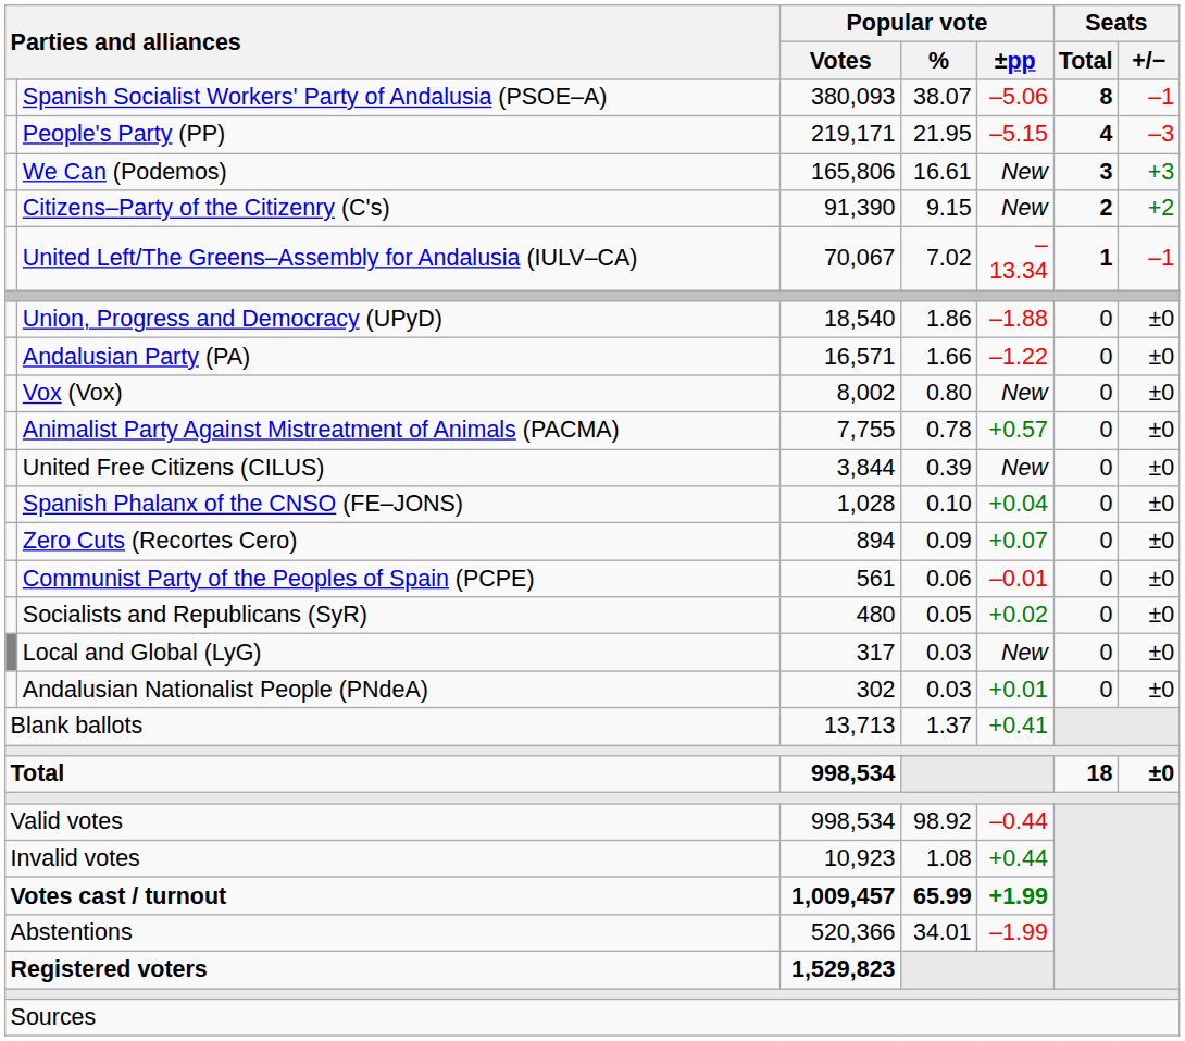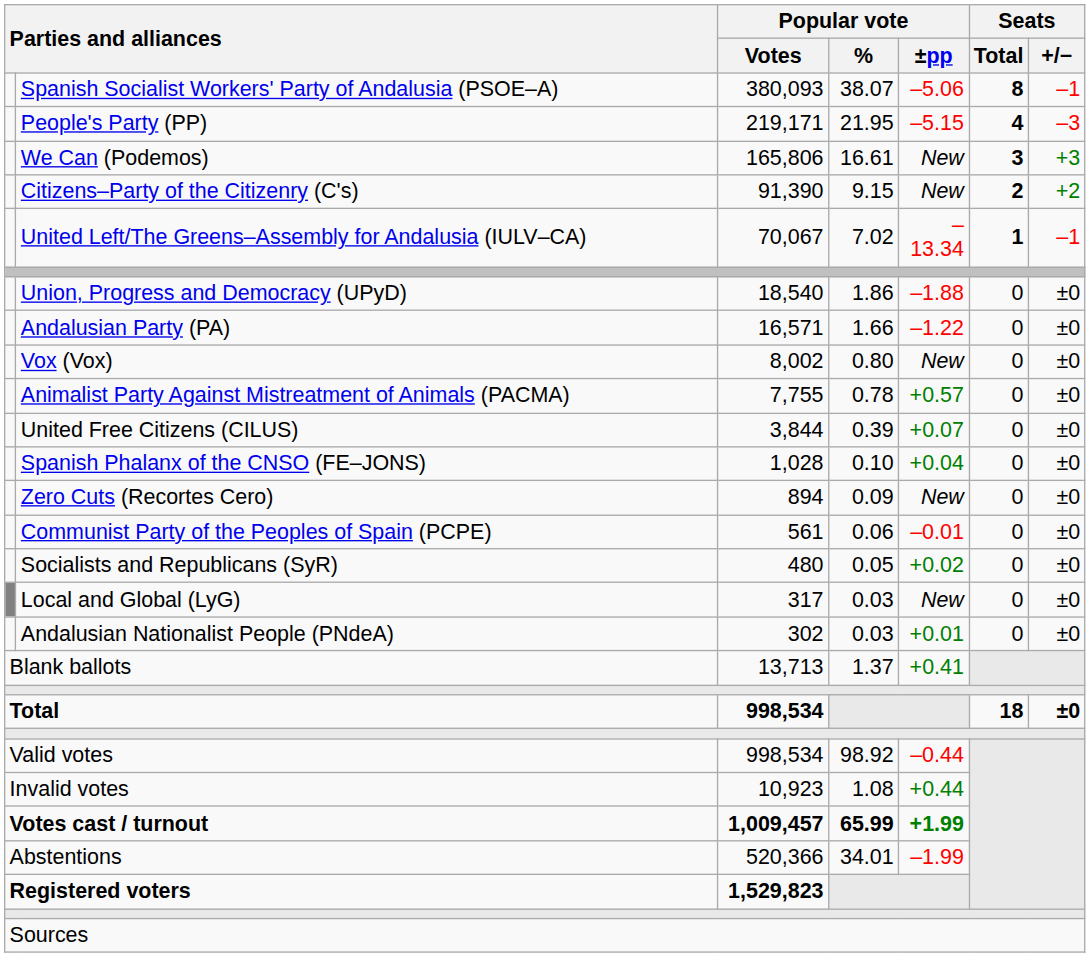 <table class="wikitable" style="text-align:right;">
 <tr>
 <th style="text-align:left;" rowspan="2" colspan="2" width="525">Parties and alliances</th>
 <th colspan="3">Popular vote</th>
 <th colspan="2">Seats</th>
 </tr>
 <tr>
 <th width="75">Votes</th>
 <th width="45">%</th>
 <th width="45">±<a href='#'>pp</a></th>
 <th width="35">Total</th>
 <th width="35">+/−</th>
 </tr>
 <tr>
 <td width="1" style="color:inherit;background:"></td>
 <td align="left"><a href='#'>Spanish Socialist Workers' Party of Andalusia</a> (PSOE–A)</td>
 <td>380,093</td>
 <td>38.07</td>
 <td style="color:red;">–5.06</td>
 <td><strong>8</strong></td>
 <td style="color:red;">–1</td>
 </tr>
 <tr>
 <td style="color:inherit;background:"></td>
 <td align="left"><a href='#'>People's Party</a> (PP)</td>
 <td>219,171</td>
 <td>21.95</td>
 <td style="color:red;">–5.15</td>
 <td><strong>4</strong></td>
 <td style="color:red;">–3</td>
 </tr>
 <tr>
 <td style="color:inherit;background:"></td>
 <td align="left"><a href='#'>We Can</a> (Podemos)</td>
 <td>165,806</td>
 <td>16.61</td>
 <td><em>New</em></td>
 <td><strong>3</strong></td>
 <td style="color:green;">+3</td>
 </tr>
 <tr>
 <td style="color:inherit;background:"></td>
 <td align="left"><a href='#'>Citizens–Party of the Citizenry</a> (C's)</td>
 <td>91,390</td>
 <td>9.15</td>
 <td><em>New</em></td>
 <td><strong>2</strong></td>
 <td style="color:green;">+2</td>
 </tr>
 <tr>
 <td style="color:inherit;background:"></td>
 <td align="left"><a href='#'>United Left/The Greens–Assembly for Andalusia</a> (IULV–CA)</td>
 <td>70,067</td>
 <td>7.02</td>
 <td style="color:red;">–13.34</td>
 <td><strong>1</strong></td>
 <td style="color:red;">–1</td>
 </tr>
 <tr>
 <td colspan="7" bgcolor="#C0C0C0"></td>
 </tr>
 <tr>
 <td style="color:inherit;background:"></td>
 <td align="left"><a href='#'>Union, Progress and Democracy</a> (UPyD)</td>
 <td>18,540</td>
 <td>1.86</td>
 <td style="color:red;">–1.88</td>
 <td>0</td>
 <td>±0</td>
 </tr>
 <tr>
 <td style="color:inherit;background:"></td>
 <td align="left"><a href='#'>Andalusian Party</a> (PA)</td>
 <td>16,571</td>
 <td>1.66</td>
 <td style="color:red;">–1.22</td>
 <td>0</td>
 <td>±0</td>
 </tr>
 <tr>
 <td style="color:inherit;background:"></td>
 <td align="left"><a href='#'>Vox</a> (Vox)</td>
 <td>8,002</td>
 <td>0.80</td>
 <td><em>New</em></td>
 <td>0</td>
 <td>±0</td>
 </tr>
 <tr>
 <td style="color:inherit;background:"></td>
 <td align="left"><a href='#'>Animalist Party Against Mistreatment of Animals</a> (PACMA)</td>
 <td>7,755</td>
 <td>0.78</td>
 <td style="color:green;">+0.57</td>
 <td>0</td>
 <td>±0</td>
 </tr>
 <tr>
 <td style="color:inherit;background:"></td>
 <td align="left">United Free Citizens (CILUS)</td>
 <td>3,844</td>
 <td>0.39</td>
-<td><em>New</em></td>
+<td style="color:green;">+0.07</td>
 <td>0</td>
 <td>±0</td>
 </tr>
 <tr>
 <td style="color:inherit;background:"></td>
 <td align="left"><a href='#'>Spanish Phalanx of the CNSO</a> (FE–JONS)</td>
 <td>1,028</td>
 <td>0.10</td>
 <td style="color:green;">+0.04</td>
 <td>0</td>
 <td>±0</td>
 </tr>
 <tr>
 <td style="color:inherit;background:"></td>
 <td align="left"><a href='#'>Zero Cuts</a> (Recortes Cero)</td>
 <td>894</td>
 <td>0.09</td>
-<td style="color:green;">+0.07</td>
+<td><em>New</em></td>
 <td>0</td>
 <td>±0</td>
 </tr>
 <tr>
 <td style="color:inherit;background:"></td>
 <td align="left"><a href='#'>Communist Party of the Peoples of Spain</a> (PCPE)</td>
 <td>561</td>
 <td>0.06</td>
 <td style="color:red;">–0.01</td>
 <td>0</td>
 <td>±0</td>
 </tr>
 <tr>
 <td style="color:inherit;background:"></td>
 <td align="left">Socialists and Republicans (SyR)</td>
 <td>480</td>
 <td>0.05</td>
 <td style="color:green;">+0.02</td>
 <td>0</td>
 <td>±0</td>
 </tr>
 <tr>
 <td bgcolor="grey"></td>
 <td align="left">Local and Global (LyG)</td>
 <td>317</td>
 <td>0.03</td>
 <td><em>New</em></td>
 <td>0</td>
 <td>±0</td>
 </tr>
 <tr>
 <td style="color:inherit;background:"></td>
 <td align="left">Andalusian Nationalist People (PNdeA)</td>
 <td>302</td>
 <td>0.03</td>
 <td style="color:green;">+0.01</td>
 <td>0</td>
 <td>±0</td>
 </tr>
 <tr>
 <td align="left" colspan="2">Blank ballots</td>
 <td>13,713</td>
 <td>1.37</td>
 <td style="color:green;">+0.41</td>
 <td bgcolor="#E9E9E9" colspan="2"></td>
 </tr>
 <tr>
 <td colspan="7" bgcolor="#E9E9E9"></td>
 </tr>
 <tr style="font-weight:bold;">
 <td align="left" colspan="2">Total</td>
 <td>998,534</td>
 <td bgcolor="#E9E9E9" colspan="2"></td>
 <td>18</td>
 <td>±0</td>
 </tr>
 <tr>
 <td colspan="7" bgcolor="#E9E9E9"></td>
 </tr>
 <tr>
 <td align="left" colspan="2">Valid votes</td>
 <td>998,534</td>
 <td>98.92</td>
 <td style="color:red;">–0.44</td>
 <td bgcolor="#E9E9E9" colspan="2" rowspan="5"></td>
 </tr>
 <tr>
 <td align="left" colspan="2">Invalid votes</td>
 <td>10,923</td>
 <td>1.08</td>
 <td style="color:green;">+0.44</td>
 </tr>
 <tr style="font-weight:bold;">
 <td align="left" colspan="2">Votes cast / turnout</td>
 <td>1,009,457</td>
 <td>65.99</td>
 <td style="color:green;">+1.99</td>
 </tr>
 <tr>
 <td align="left" colspan="2">Abstentions</td>
 <td>520,366</td>
 <td>34.01</td>
 <td style="color:red;">–1.99</td>
 </tr>
 <tr style="font-weight:bold;">
 <td align="left" colspan="2">Registered voters</td>
 <td>1,529,823</td>
 <td style="background:#e9e9e9;" colspan="2"></td>
 </tr>
 <tr>
 <td colspan="7" bgcolor="#E9E9E9"></td>
 </tr>
 <tr>
 <td align="left" colspan="7">Sources</td>
 </tr>
 </table>
